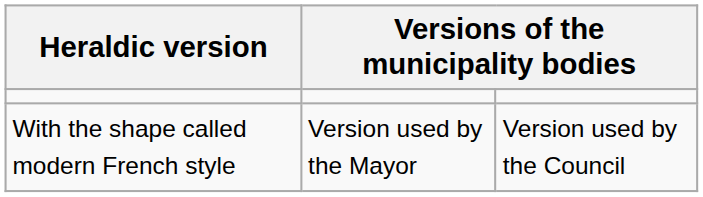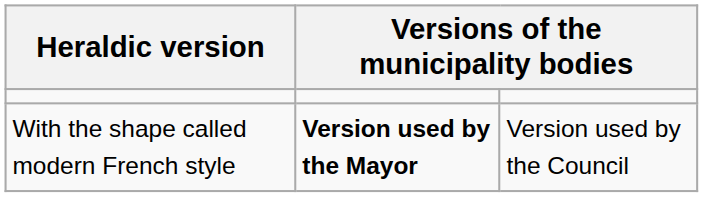 <table class="wikitable"  style="float:right; font-size:90%; line-height:120%; width:340px; margin:10px">
 <tr>
 <th>Heraldic version</th>
 <th colspan= "2">Versions of the municipality bodies</th>
 </tr>
 <tr>
 <td align=center></td>
 <td align=center></td>
 <td align=center></td>
 </tr>
 <tr>
 <td align=left><small>With the shape called modern French style</small></td>
-<td align=left><small>Version used by the Mayor</small></td>
+<td align=left><strong><small>Version used by the Mayor</small></strong></td>
 <td align=left><small>Version used by the Council</small></td>
 </tr>
 </table>
